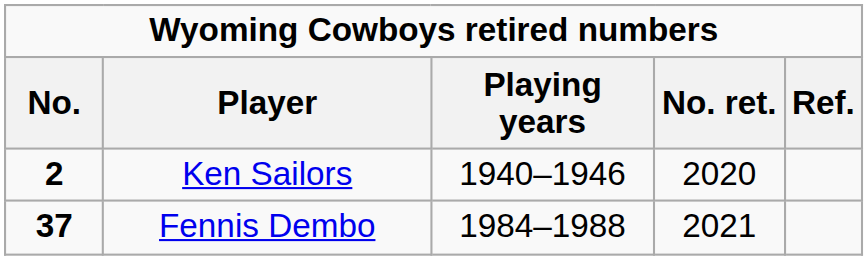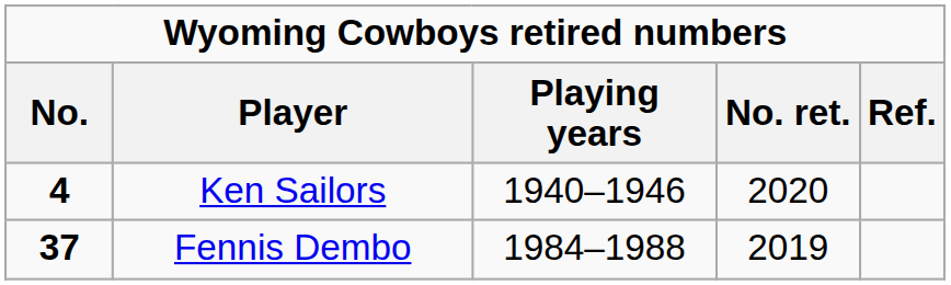 <table class="wikitable sortable" style="text-align:center">
 <tr>
 <td colspan="5"><strong>Wyoming Cowboys retired numbers</strong></td>
 </tr>
 <tr>
 <th width=40px>No.</th>
 <th width=150px>Player</th>
 <th width=100px>Playing years</th>
 <th width=px>No. ret.</th>
 <th width=px>Ref.</th>
 </tr>
 <tr>
-<td><strong>2</strong></td>
+<td><strong>4</strong></td>
 <td><a href='#'>Ken Sailors</a></td>
 <td>1940–1946</td>
 <td>2020</td>
 <td></td>
 </tr>
 <tr>
 <td><strong>37</strong></td>
 <td><a href='#'>Fennis Dembo</a></td>
 <td>1984–1988</td>
-<td>2021</td>
+<td>2019</td>
 <td></td>
 </tr>
 </table>
